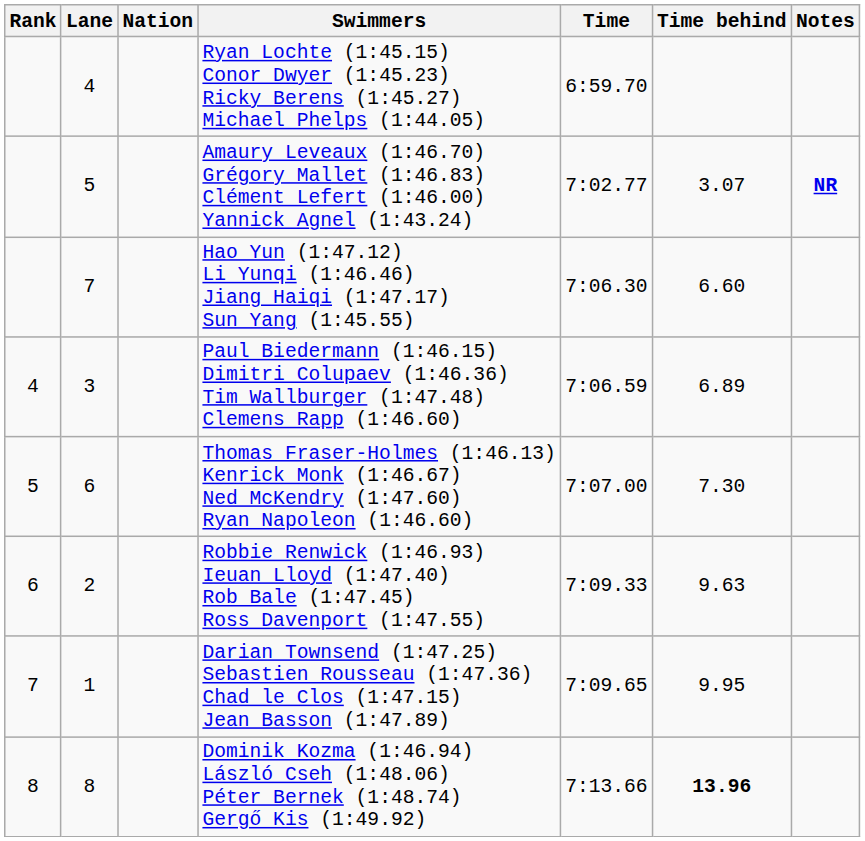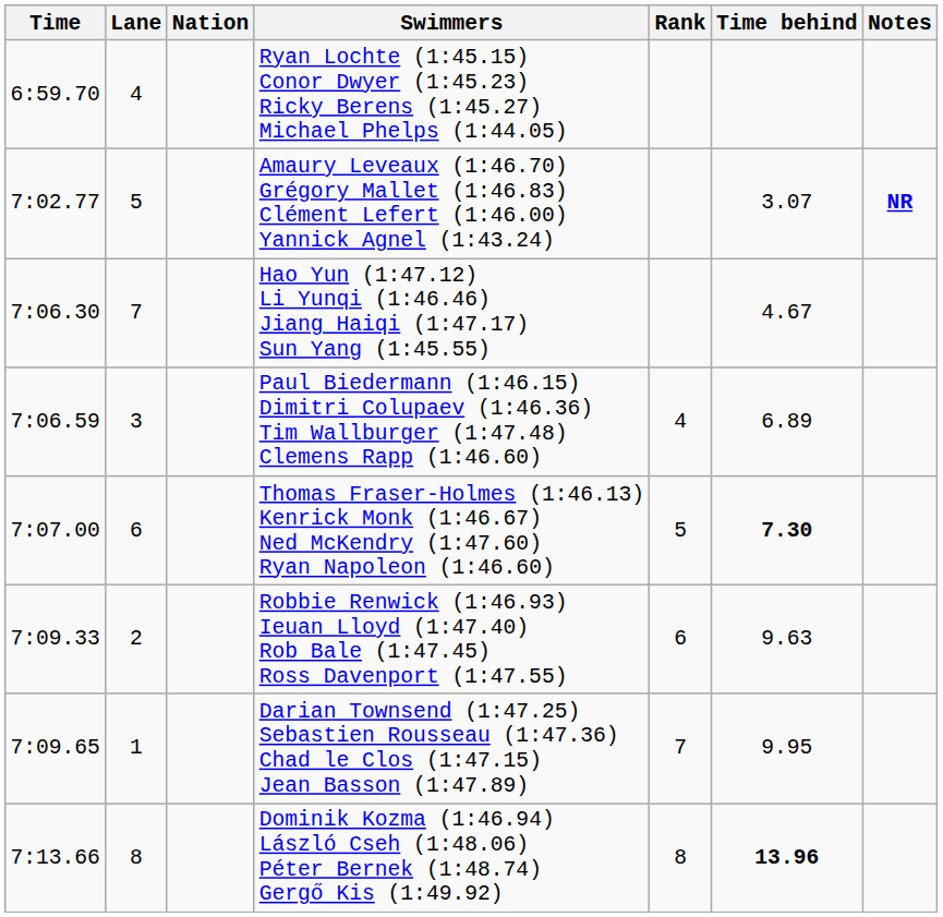 <table class="wikitable sortable" style="text-align:center">
 <tr>
-<th>Rank</th>
+<th>Time</th>
 <th>Lane</th>
 <th>Nation</th>
 <th>Swimmers</th>
-<th>Time</th>
+<th>Rank</th>
 <th>Time behind</th>
 <th>Notes</th>
 </tr>
 <tr>
-<td></td>
+<td>6:59.70</td>
 <td>4</td>
 <td align=left></td>
 <td align=left><a href='#'>Ryan Lochte</a> (1:45.15)<br><a href='#'>Conor Dwyer</a> (1:45.23)<br><a href='#'>Ricky Berens</a> (1:45.27)<br><a href='#'>Michael Phelps</a> (1:44.05)</td>
-<td>6:59.70</td>
+<td></td>
 <td></td>
 <td></td>
 </tr>
 <tr>
-<td></td>
+<td>7:02.77</td>
 <td>5</td>
 <td align=left></td>
 <td align=left><a href='#'>Amaury Leveaux</a> (1:46.70)<br><a href='#'>Grégory Mallet</a> (1:46.83)<br><a href='#'>Clément Lefert</a> (1:46.00)<br><a href='#'>Yannick Agnel</a> (1:43.24)</td>
-<td>7:02.77</td>
+<td></td>
 <td>3.07</td>
 <td><strong><a href='#'>NR</a></strong></td>
 </tr>
 <tr>
-<td></td>
+<td>7:06.30</td>
 <td>7</td>
 <td align=left></td>
 <td align=left><a href='#'>Hao Yun</a> (1:47.12)<br><a href='#'>Li Yunqi</a> (1:46.46)<br><a href='#'>Jiang Haiqi</a> (1:47.17)<br><a href='#'>Sun Yang</a> (1:45.55)</td>
-<td>7:06.30</td>
-<td>6.60</td>
+<td></td>
+<td>4.67</td>
 <td></td>
 </tr>
 <tr>
-<td>4</td>
+<td>7:06.59</td>
 <td>3</td>
 <td align=left></td>
 <td align=left><a href='#'>Paul Biedermann</a> (1:46.15)<br><a href='#'>Dimitri Colupaev</a> (1:46.36)<br><a href='#'>Tim Wallburger</a> (1:47.48)<br><a href='#'>Clemens Rapp</a> (1:46.60)</td>
-<td>7:06.59</td>
+<td>4</td>
 <td>6.89</td>
 <td></td>
 </tr>
 <tr>
-<td>5</td>
+<td>7:07.00</td>
 <td>6</td>
 <td align=left></td>
 <td align=left><a href='#'>Thomas Fraser-Holmes</a> (1:46.13)<br><a href='#'>Kenrick Monk</a> (1:46.67)<br><a href='#'>Ned McKendry</a> (1:47.60)<br><a href='#'>Ryan Napoleon</a> (1:46.60)</td>
-<td>7:07.00</td>
-<td>7.30</td>
+<td>5</td>
+<td><strong>7.30</strong></td>
 <td></td>
 </tr>
 <tr>
-<td>6</td>
+<td>7:09.33</td>
 <td>2</td>
 <td align=left></td>
 <td align=left><a href='#'>Robbie Renwick</a> (1:46.93)<br><a href='#'>Ieuan Lloyd</a> (1:47.40)<br><a href='#'>Rob Bale</a> (1:47.45)<br><a href='#'>Ross Davenport</a> (1:47.55)</td>
-<td>7:09.33</td>
+<td>6</td>
 <td>9.63</td>
 <td></td>
 </tr>
 <tr>
-<td>7</td>
+<td>7:09.65</td>
 <td>1</td>
 <td align=left></td>
 <td align=left><a href='#'>Darian Townsend</a> (1:47.25)<br><a href='#'>Sebastien Rousseau</a> (1:47.36)<br><a href='#'>Chad le Clos</a> (1:47.15)<br><a href='#'>Jean Basson</a> (1:47.89)</td>
-<td>7:09.65</td>
+<td>7</td>
 <td>9.95</td>
 <td></td>
 </tr>
 <tr>
-<td>8</td>
+<td>7:13.66</td>
 <td>8</td>
 <td align=left></td>
 <td align=left><a href='#'>Dominik Kozma</a> (1:46.94)<br><a href='#'>László Cseh</a> (1:48.06)<br><a href='#'>Péter Bernek</a> (1:48.74)<br><a href='#'>Gergő Kis</a> (1:49.92)</td>
-<td>7:13.66</td>
+<td>8</td>
 <td><strong>13.96</strong></td>
 <td></td>
 </tr>
 </table>
